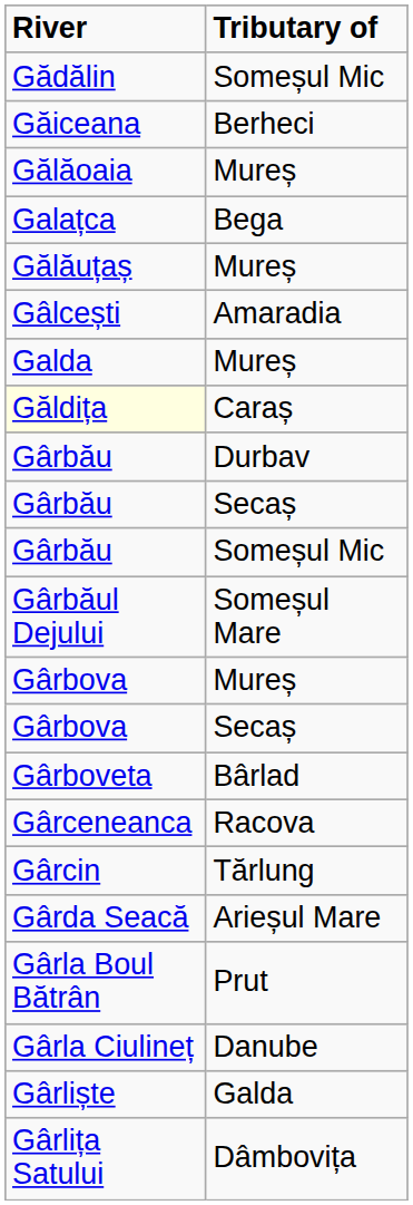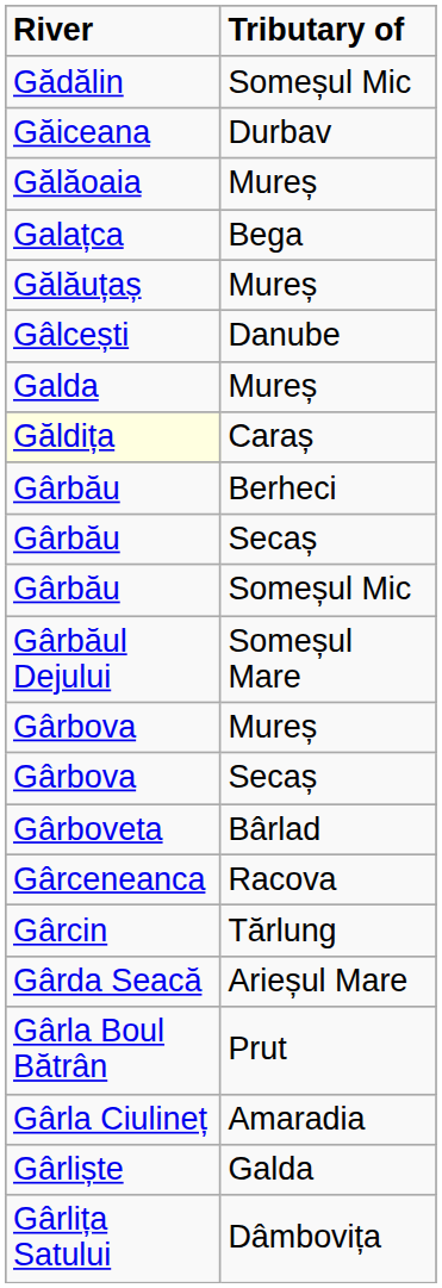 <table class="wikitable">
 <tr>
 <td width="100pt"><strong>River</strong></td>
 <td width="100pt"><strong>Tributary of</strong></td>
 </tr>
 <tr>
 <td><a href='#'>Gădălin</a></td>
 <td>Someșul Mic</td>
 </tr>
 <tr>
 <td><a href='#'>Găiceana</a></td>
-<td>Berheci</td>
+<td>Durbav</td>
 </tr>
 <tr>
 <td><a href='#'>Gălăoaia</a></td>
 <td>Mureș</td>
 </tr>
 <tr>
 <td><a href='#'>Galațca</a></td>
 <td>Bega</td>
 </tr>
 <tr>
 <td><a href='#'>Gălăuțaș</a></td>
 <td>Mureș</td>
 </tr>
 <tr>
 <td><a href='#'>Gâlcești</a></td>
-<td>Amaradia</td>
+<td>Danube</td>
 </tr>
 <tr>
 <td><a href='#'>Galda</a></td>
 <td>Mureș</td>
 </tr>
 <tr>
 <td style="background: lightyellow;"><a href='#'>Găldița</a></td>
 <td>Caraș</td>
 </tr>
 <tr>
 <td><a href='#'>Gârbău</a></td>
-<td>Durbav</td>
+<td>Berheci</td>
 </tr>
 <tr>
 <td><a href='#'>Gârbău</a></td>
 <td>Secaș</td>
 </tr>
 <tr>
 <td><a href='#'>Gârbău</a></td>
 <td>Someșul Mic</td>
 </tr>
 <tr>
 <td><a href='#'>Gârbăul Dejului</a></td>
 <td>Someșul Mare</td>
 </tr>
 <tr>
 <td><a href='#'>Gârbova</a></td>
 <td>Mureș</td>
 </tr>
 <tr>
 <td><a href='#'>Gârbova</a></td>
 <td>Secaș</td>
 </tr>
 <tr>
 <td><a href='#'>Gârboveta</a></td>
 <td>Bârlad</td>
 </tr>
 <tr>
 <td><a href='#'>Gârceneanca</a></td>
 <td>Racova</td>
 </tr>
 <tr>
 <td><a href='#'>Gârcin</a></td>
 <td>Tărlung</td>
 </tr>
 <tr>
 <td><a href='#'>Gârda Seacă</a></td>
 <td>Arieșul Mare</td>
 </tr>
 <tr>
 <td><a href='#'>Gârla Boul Bătrân</a></td>
 <td>Prut</td>
 </tr>
 <tr>
 <td><a href='#'>Gârla Ciulineț</a></td>
-<td>Danube</td>
+<td>Amaradia</td>
 </tr>
 <tr>
 <td><a href='#'>Gârliște</a></td>
 <td>Galda</td>
 </tr>
 <tr>
 <td><a href='#'>Gârlița Satului</a></td>
 <td>Dâmbovița</td>
 </tr>
 </table>
